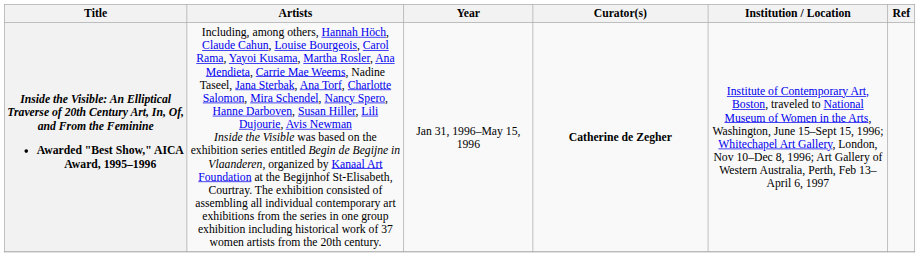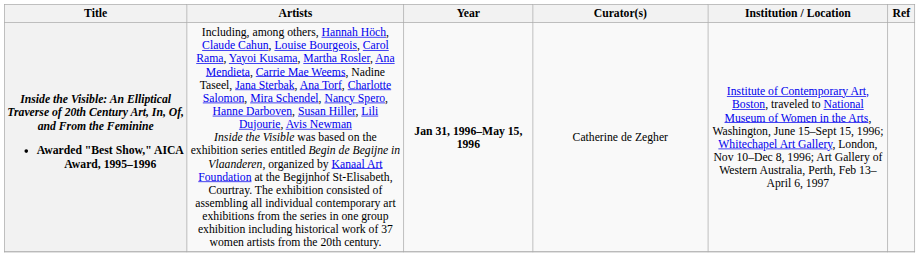 <table class="wikitable plainrowheaders" style="text-align:center;">
 <tr>
 <th scope="col" style="width:20em;">Title</th>
 <th scope="col" style="width:25em;">Artists</th>
 <th scope="col" style="width:15em;">Year</th>
 <th scope="col" style="width:20em;">Curator(s)</th>
 <th scope="col" style="width:20em;">Institution / Location</th>
 <th scope="col" style="width:2em;">Ref</th>
 </tr>
 <tr>
 <th scope="row"><em>Inside the Visible: An Elliptical Traverse of 20th Century Art,</em> <em>In, Of, and From the Feminine</em><br><ul><li>Awarded "Best Show," AICA Award, 1995–1996</li></ul></th>
 <td>Including, among others, <a href='#'>Hannah Höch</a>, <a href='#'>Claude Cahun</a>, <a href='#'>Louise Bourgeois</a>, <a href='#'>Carol Rama</a>, <a href='#'>Yayoi Kusama</a>, <a href='#'>Martha Rosler</a>, <a href='#'>Ana Mendieta</a>, <a href='#'>Carrie Mae Weems</a>, Nadine Taseel, <a href='#'>Jana Sterbak</a>, <a href='#'>Ana Torf</a>, <a href='#'>Charlotte Salomon</a>, <a href='#'>Mira Schendel</a>, <a href='#'>Nancy Spero</a>, <a href='#'>Hanne Darboven</a>, <a href='#'>Susan Hiller</a>, <a href='#'>Lili Dujourie</a>, <a href='#'>Avis Newman</a><br><em>Inside the Visible</em> was based on the exhibition series entitled <em>Begin de Begijne in Vlaanderen</em>, organized by <a href='#'>Kanaal Art Foundation</a> at the Begijnhof St-Elisabeth, Courtray. The exhibition consisted of assembling all individual contemporary art exhibitions from the series in one group exhibition including historical work of 37 women artists from the 20th century.</td>
-<td>Jan 31, 1996–May 15, 1996</td>
-<td><strong>Catherine de Zegher</strong></td>
+<td><strong>Jan 31, 1996–May 15, 1996</strong></td>
+<td>Catherine de Zegher</td>
 <td><a href='#'>Institute of Contemporary Art, Boston</a>, traveled to <a href='#'>National Museum of Women in the Arts</a>, Washington, June 15–Sept 15, 1996; <a href='#'>Whitechapel Art Gallery</a>, London, Nov 10–Dec 8, 1996; Art Gallery of Western Australia, Perth, Feb 13–April 6, 1997</td>
 <td></td>
 </tr>
 <tr>
 </tr>
 </table>
